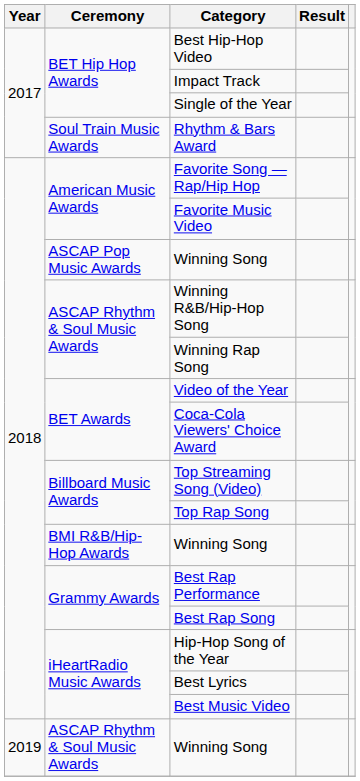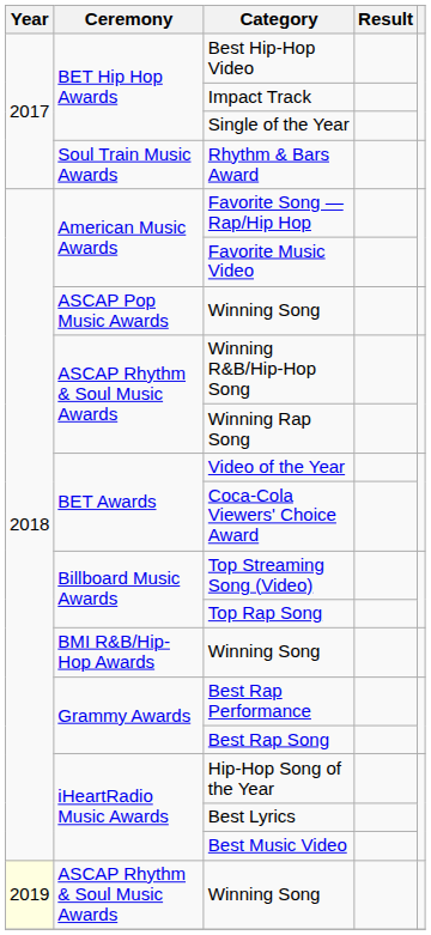 <table class="wikitable sortable plainrowheaders" style="width: 60%;">
 <tr>
 <th scope="col">Year</th>
 <th scope="col">Ceremony</th>
 <th scope="col">Category</th>
 <th scope="col">Result</th>
 <th scope="col" class="unsortable"></th>
 </tr>
 <tr>
 <td rowspan="4">2017</td>
 <td rowspan="3"><a href='#'>BET Hip Hop Awards</a></td>
 <td>Best Hip-Hop Video</td>
 <td></td>
 <td style="text-align:center;" rowspan="3"><br></td>
 </tr>
 <tr>
 <td>Impact Track</td>
 <td></td>
 </tr>
 <tr>
 <td>Single of the Year</td>
 <td></td>
 </tr>
 <tr>
 <td><a href='#'>Soul Train Music Awards</a></td>
 <td><a href='#'>Rhythm & Bars Award</a></td>
 <td></td>
 <td style="text-align:center;"></td>
 </tr>
 <tr>
 <td rowspan="15">2018</td>
 <td rowspan="2"><a href='#'>American Music Awards</a></td>
 <td><a href='#'>Favorite Song — Rap/Hip Hop</a></td>
 <td></td>
 <td style="text-align:center;" rowspan="2"></td>
 </tr>
 <tr>
 <td><a href='#'>Favorite Music Video</a></td>
 <td></td>
 </tr>
 <tr>
 <td><a href='#'>ASCAP Pop Music Awards</a></td>
 <td>Winning Song</td>
 <td></td>
 <td style="text-align:center;"></td>
 </tr>
 <tr>
 <td rowspan="2"><a href='#'>ASCAP Rhythm & Soul Music Awards</a></td>
 <td>Winning R&B/Hip-Hop Song</td>
 <td></td>
 <td style="text-align:center;" rowspan="2"></td>
 </tr>
 <tr>
 <td>Winning Rap Song</td>
 <td></td>
 </tr>
 <tr>
 <td rowspan="2"><a href='#'>BET Awards</a></td>
 <td><a href='#'>Video of the Year</a></td>
 <td></td>
 <td style="text-align:center;" rowspan="2"></td>
 </tr>
 <tr>
 <td><a href='#'>Coca-Cola Viewers' Choice Award</a></td>
 <td></td>
 </tr>
 <tr>
 <td rowspan="2"><a href='#'>Billboard Music Awards</a></td>
 <td><a href='#'>Top Streaming Song (Video)</a></td>
 <td></td>
 <td style="text-align:center;" rowspan="2"></td>
 </tr>
 <tr>
 <td><a href='#'>Top Rap Song</a></td>
 <td></td>
 </tr>
 <tr>
 <td><a href='#'>BMI R&B/Hip-Hop Awards</a></td>
 <td>Winning Song</td>
 <td></td>
 <td style="text-align:center;"></td>
 </tr>
 <tr>
 <td rowspan="2"><a href='#'>Grammy Awards</a></td>
 <td><a href='#'>Best Rap Performance</a></td>
 <td></td>
 <td style="text-align:center;" rowspan="2"></td>
 </tr>
 <tr>
 <td><a href='#'>Best Rap Song</a></td>
 <td></td>
 </tr>
 <tr>
 <td rowspan="3"><a href='#'>iHeartRadio Music Awards</a></td>
 <td>Hip-Hop Song of the Year</td>
 <td></td>
 <td style="text-align:center;" rowspan="3"></td>
 </tr>
 <tr>
 <td>Best Lyrics</td>
 <td></td>
 </tr>
 <tr>
 <td><a href='#'>Best Music Video</a></td>
 <td></td>
 </tr>
 <tr>
-<td>2019</td>
+<td style="background: lightyellow;">2019</td>
 <td><a href='#'>ASCAP Rhythm & Soul Music Awards</a></td>
 <td>Winning Song</td>
 <td></td>
 <td style="text-align:center;"></td>
 </tr>
 <tr>
 </tr>
 </table>
